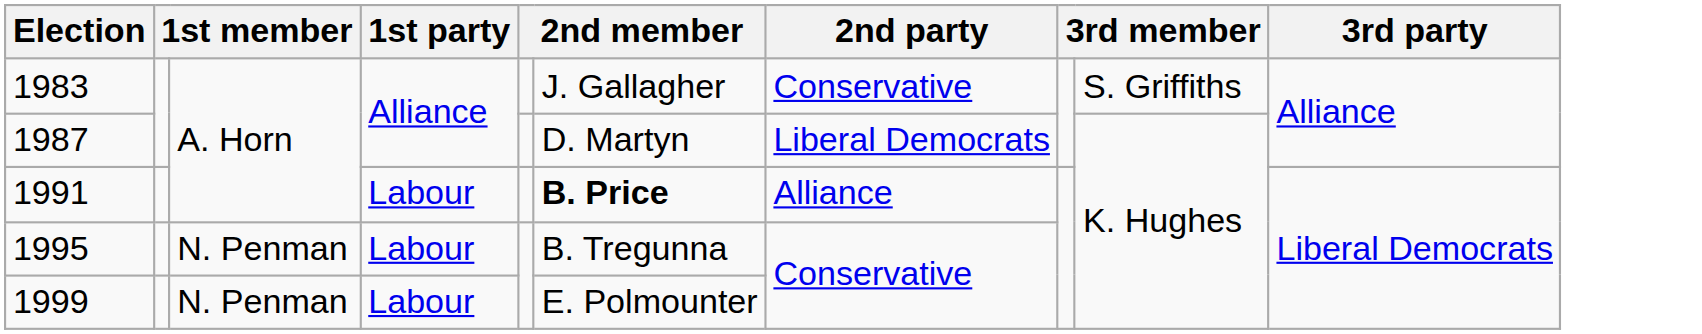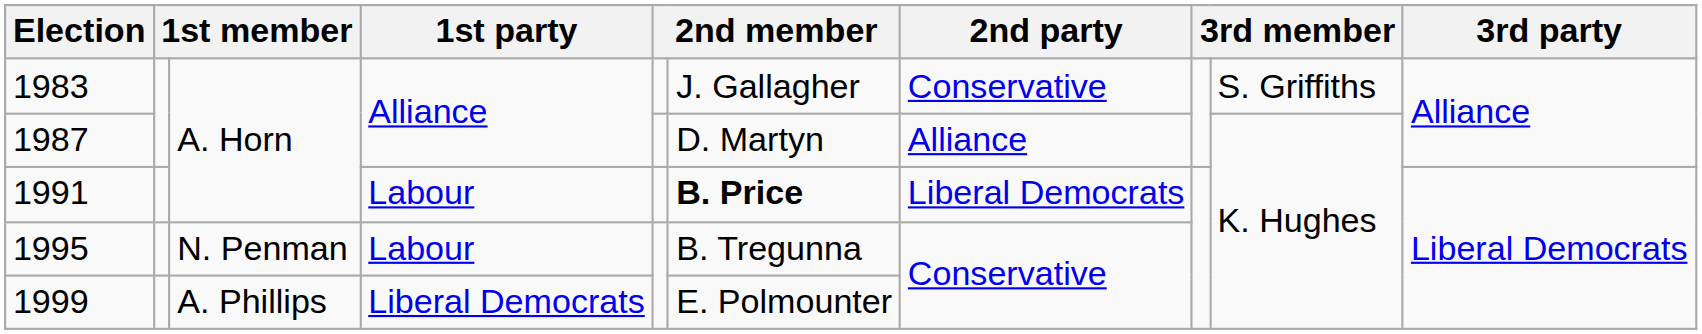 <table class="wikitable">
 <tr>
 <th>Election</th>
 <th colspan="2">1st member</th>
 <th>1st party</th>
 <th colspan="2">2nd member</th>
 <th>2nd party</th>
 <th colspan="2">3rd member</th>
 <th>3rd party</th>
 </tr>
 <tr>
 <td>1983</td>
 <td rowspan="2" style="background-color: "></td>
 <td rowspan="3">A. Horn</td>
 <td rowspan="2"><a href='#'>Alliance</a></td>
 <td rowspan="1" style="background-color: "></td>
 <td rowspan="1">J. Gallagher</td>
 <td rowspan="1"><a href='#'>Conservative</a></td>
 <td rowspan="2" style="background-color: "></td>
 <td rowspan="1">S. Griffiths</td>
 <td rowspan="2"><a href='#'>Alliance</a></td>
 </tr>
 <tr>
 <td>1987</td>
 <td rowspan="1" style="background-color: "></td>
 <td rowspan="1">D. Martyn</td>
-<td rowspan="1"><a href='#'>Liberal Democrats</a></td>
+<td rowspan="1"><a href='#'>Alliance</a></td>
 <td rowspan="4">K. Hughes</td>
 </tr>
 <tr>
 <td>1991</td>
 <td rowspan="1" style="background-color: "></td>
 <td rowspan="1"><a href='#'>Labour</a></td>
 <td rowspan="1" style="background-color: "></td>
 <td rowspan="1"><strong>B. Price</strong></td>
-<td rowspan="1"><a href='#'>Alliance</a></td>
+<td rowspan="1"><a href='#'>Liberal Democrats</a></td>
 <td rowspan="3" style="background-color: "></td>
 <td rowspan="3"><a href='#'>Liberal Democrats</a></td>
 </tr>
 <tr>
 <td>1995</td>
 <td rowspan="1" style="background-color: "></td>
 <td rowspan="1">N. Penman</td>
 <td rowspan="1"><a href='#'>Labour</a></td>
 <td rowspan="2" style="background-color: "></td>
 <td rowspan="1">B. Tregunna</td>
 <td rowspan="2"><a href='#'>Conservative</a></td>
 </tr>
 <tr>
 <td>1999</td>
 <td rowspan="1" style="background-color: "></td>
-<td rowspan="1">N. Penman</td>
-<td rowspan="1"><a href='#'>Labour</a></td>
+<td rowspan="1">A. Phillips</td>
+<td rowspan="1"><a href='#'>Liberal Democrats</a></td>
 <td rowspan="1">E. Polmounter</td>
 </tr>
 </table>
